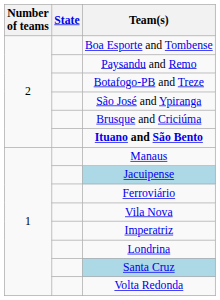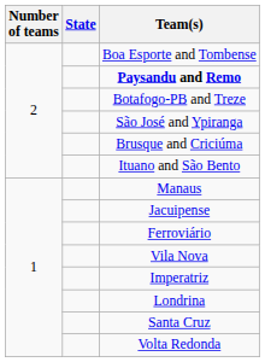 <table class="wikitable" style="text-align:center">
 <tr>
 <th>Number<br>of teams</th>
 <th><a href='#'>State</a></th>
 <th>Team(s)</th>
 </tr>
 <tr>
 <td rowspan=6>2</td>
 <td align="left"></td>
 <td><a href='#'>Boa Esporte</a> and <a href='#'>Tombense</a></td>
 </tr>
 <tr>
 <td align="left"></td>
-<td><a href='#'>Paysandu</a> and <a href='#'>Remo</a></td>
+<td><strong><a href='#'>Paysandu</a> and <a href='#'>Remo</a></strong></td>
 </tr>
 <tr>
 <td align="left"></td>
 <td><a href='#'>Botafogo-PB</a> and <a href='#'>Treze</a></td>
 </tr>
 <tr>
 <td align="left"></td>
 <td><a href='#'>São José</a> and <a href='#'>Ypiranga</a></td>
 </tr>
 <tr>
 <td align="left"></td>
 <td><a href='#'>Brusque</a> and <a href='#'>Criciúma</a></td>
 </tr>
 <tr>
 <td align="left"></td>
-<td><strong><a href='#'>Ituano</a> and <a href='#'>São Bento</a></strong></td>
+<td><a href='#'>Ituano</a> and <a href='#'>São Bento</a></td>
 </tr>
 <tr>
 <td rowspan=8>1</td>
 <td align="left"></td>
 <td><a href='#'>Manaus</a></td>
 </tr>
 <tr>
 <td align="left"></td>
-<td style="background: lightblue;"><a href='#'>Jacuipense</a></td>
+<td><a href='#'>Jacuipense</a></td>
 </tr>
 <tr>
 <td align="left"></td>
 <td><a href='#'>Ferroviário</a></td>
 </tr>
 <tr>
 <td align=left></td>
 <td><a href='#'>Vila Nova</a></td>
 </tr>
 <tr>
 <td align="left"></td>
 <td><a href='#'>Imperatriz</a></td>
 </tr>
 <tr>
 <td align=left></td>
 <td><a href='#'>Londrina</a></td>
 </tr>
 <tr>
 <td align="left"></td>
-<td style="background: lightblue;"><a href='#'>Santa Cruz</a></td>
+<td><a href='#'>Santa Cruz</a></td>
 </tr>
 <tr>
 <td align="left"></td>
 <td><a href='#'>Volta Redonda</a></td>
 </tr>
 </table>
